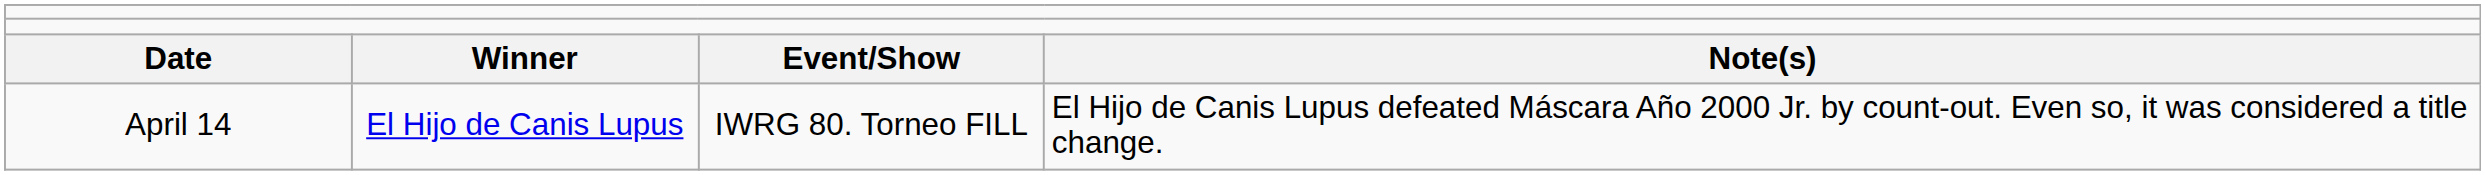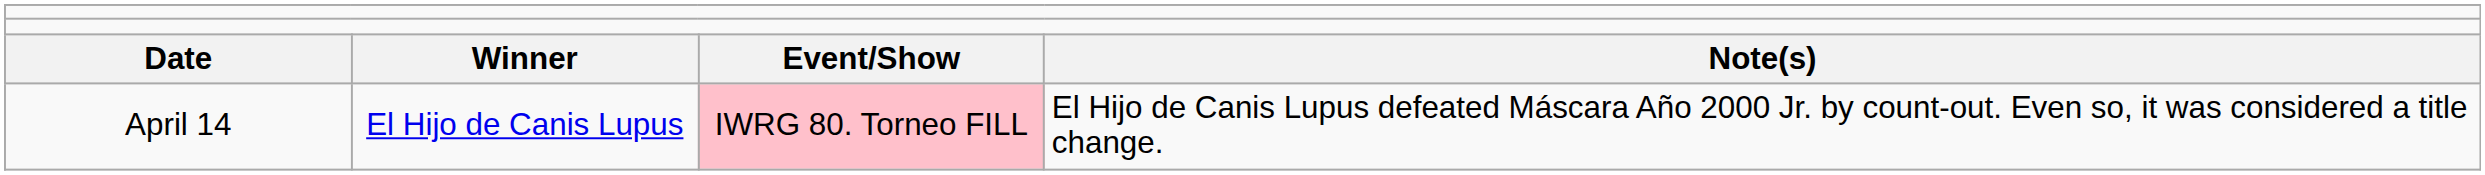 <table class="wikitable" style="text-align:center; width:100%;">
 <tr>
 <td colspan="4"></td>
 </tr>
 <tr>
 <td colspan="4"><strong></strong></td>
 </tr>
 <tr>
 <th width=14%>Date</th>
 <th width=14%>Winner</th>
 <th width=14%>Event/Show</th>
 <th width=58%>Note(s)</th>
 </tr>
 <tr>
 <td>April 14</td>
 <td><a href='#'>El Hijo de Canis Lupus</a></td>
-<td>IWRG 80. Torneo FILL</td>
+<td style="background: pink;">IWRG 80. Torneo FILL</td>
 <td align=left>El Hijo de Canis Lupus defeated Máscara Año 2000 Jr. by count-out. Even so, it was considered a title change.</td>
 </tr>
 </table>
